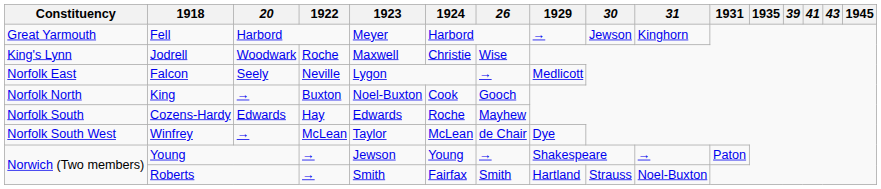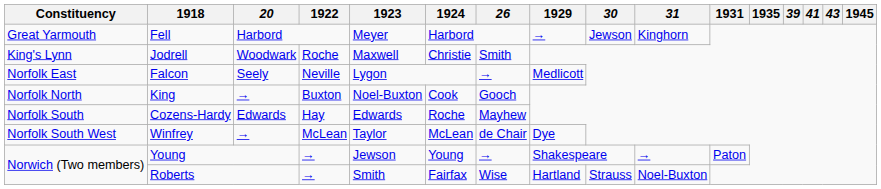 <table class="wikitable">
 <tr>
 <th>Constituency</th>
 <th>1918</th>
 <th><em>20</em></th>
 <th>1922</th>
 <th>1923</th>
 <th>1924</th>
 <th><em>26</em></th>
 <th>1929</th>
 <th><em>30</em></th>
 <th><em>31</em></th>
 <th>1931</th>
 <th>1935</th>
 <th><em>39</em></th>
 <th><em>41</em></th>
 <th><em>43</em></th>
 <th>1945</th>
 </tr>
 <tr>
 <td><a href='#'>Great Yarmouth</a></td>
 <td><a href='#'>Fell</a></td>
 <td colspan="2"><a href='#'>Harbord</a></td>
 <td><a href='#'>Meyer</a></td>
 <td colspan="2"><a href='#'>Harbord</a></td>
 <td><a href='#'>→</a></td>
 <td><a href='#'>Jewson</a></td>
 <td><a href='#'>Kinghorn</a></td>
 </tr>
 <tr>
 <td><a href='#'>King's Lynn</a></td>
 <td><a href='#'>Jodrell</a></td>
 <td><a href='#'>Woodwark</a></td>
 <td><a href='#'>Roche</a></td>
 <td><a href='#'>Maxwell</a></td>
 <td><a href='#'>Christie</a></td>
-<td><a href='#'>Wise</a></td>
+<td><a href='#'>Smith</a></td>
 </tr>
 <tr>
 <td><a href='#'>Norfolk East</a></td>
 <td><a href='#'>Falcon</a></td>
 <td><a href='#'>Seely</a></td>
 <td><a href='#'>Neville</a></td>
 <td colspan="2"><a href='#'>Lygon</a></td>
 <td><a href='#'>→</a></td>
 <td><a href='#'>Medlicott</a></td>
 </tr>
 <tr>
 <td><a href='#'>Norfolk North</a></td>
 <td><a href='#'>King</a></td>
 <td><a href='#'>→</a></td>
 <td><a href='#'>Buxton</a></td>
 <td><a href='#'>Noel-Buxton</a></td>
 <td><a href='#'>Cook</a></td>
 <td><a href='#'>Gooch</a></td>
 </tr>
 <tr>
 <td><a href='#'>Norfolk South</a></td>
 <td><a href='#'>Cozens-Hardy</a></td>
 <td><a href='#'>Edwards</a></td>
 <td><a href='#'>Hay</a></td>
 <td><a href='#'>Edwards</a></td>
 <td><a href='#'>Roche</a></td>
 <td><a href='#'>Mayhew</a></td>
 </tr>
 <tr>
 <td><a href='#'>Norfolk South West</a></td>
 <td><a href='#'>Winfrey</a></td>
 <td bgcolor=><a href='#'>→</a></td>
 <td><a href='#'>McLean</a></td>
 <td><a href='#'>Taylor</a></td>
 <td><a href='#'>McLean</a></td>
 <td><a href='#'>de Chair</a></td>
 <td><a href='#'>Dye</a></td>
 </tr>
 <tr>
 <td rowspan="2"><a href='#'>Norwich</a> (Two members)</td>
 <td colspan="2"><a href='#'>Young</a></td>
 <td><a href='#'>→</a></td>
 <td><a href='#'>Jewson</a></td>
 <td bgcolor=><a href='#'>Young</a></td>
 <td><a href='#'>→</a></td>
 <td colspan="2"><a href='#'>Shakespeare</a></td>
 <td><a href='#'>→</a></td>
 <td><a href='#'>Paton</a></td>
 </tr>
 <tr>
 <td colspan="2"><a href='#'>Roberts</a></td>
 <td><a href='#'>→</a></td>
 <td><a href='#'>Smith</a></td>
 <td><a href='#'>Fairfax</a></td>
-<td><a href='#'>Smith</a></td>
+<td><a href='#'>Wise</a></td>
 <td><a href='#'>Hartland</a></td>
 <td><a href='#'>Strauss</a></td>
 <td><a href='#'>Noel-Buxton</a></td>
 </tr>
 </table>
